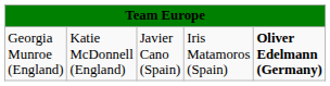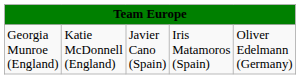 <table class="wikitable" style="width:40%; text-align=center;">
 <tr>
 <th colspan="5" style="background:green;">Team Europe</th>
 </tr>
 <tr>
 <td style="width:10%;">Georgia Munroe (England)</td>
 <td style="width:10%;">Katie McDonnell (England)</td>
 <td style="width:10%;">Javier Cano (Spain)</td>
 <td style="width:10%;">Iris Matamoros (Spain)</td>
-<td style="width:10%;"><strong>Oliver Edelmann (Germany)</strong></td>
+<td style="width:10%;">Oliver Edelmann (Germany)</td>
 </tr>
 </table>
